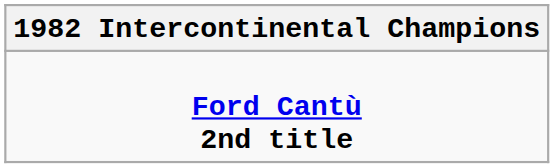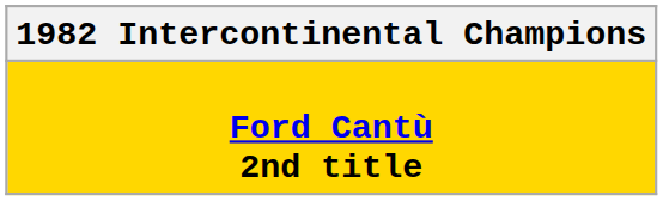 <table class=wikitable style="text-align:center; margin:auto">
 <tr>
 <th>1982 Intercontinental Champions</th>
 </tr>
 <tr>
-<td><br> <strong><a href='#'>Ford Cantù</a></strong> <br> <strong>2nd title</strong></td>
+<td style="background: gold;"><br> <strong><a href='#'>Ford Cantù</a></strong> <br> <strong>2nd title</strong></td>
 </tr>
 </table>
